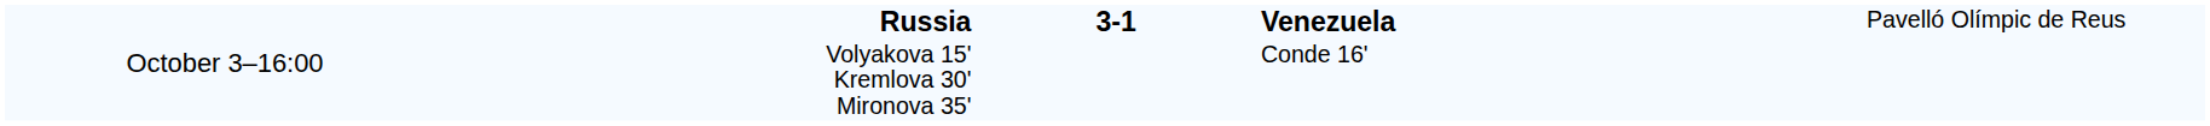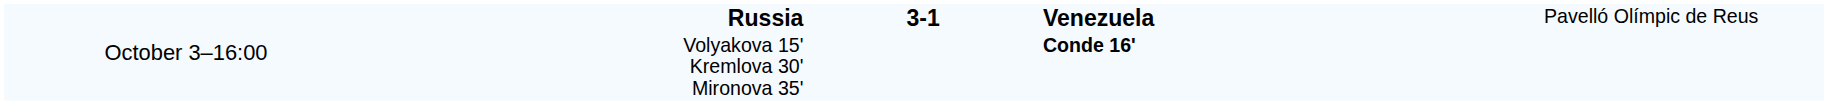 <table style="width: 100%; background:#F5FAFF;" cellspacing="0">
 <tr>
 <td style=font-size:95% align=center rowspan=3 width=20%>October 3–16:00</td>
 </tr>
 <tr>
 <td width=24% align=right><strong>Russia</strong></td>
 <td align=center width=13%><strong>3-1</strong></td>
 <td width=24%><strong>Venezuela</strong></td>
 <td style=font-size:85% rowspan=3 valign=top align=center>Pavelló Olímpic de Reus</td>
 </tr>
 <tr style=font-size:85%>
 <td align=right valign=top>Volyakova 15'<br>Kremlova 30'<br>Mironova 35'</td>
 <td></td>
-<td valign=top>Conde 16'</td>
+<td valign=top><strong>Conde 16'</strong></td>
 </tr>
 </table>
